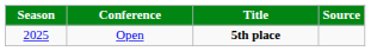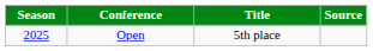 <table class="wikitable">
 <tr>
 <th width=70px style="background: #018613; color: White; text-align: center">Season</th>
 <th width=150px style="background: #018613; color: White">Conference</th>
 <th width=150px style="background: #018613; color: White">Title</th>
 <th width=50px style="background: #018613; color: White; text-align: center">Source</th>
 </tr>
 <tr align=center>
 <td rowspan=2><a href='#'>2025</a></td>
 <td><a href='#'>Open</a></td>
-<td><strong>5th place</strong></td>
+<td>5th place</td>
 <td></td>
 </tr>
 </table>
